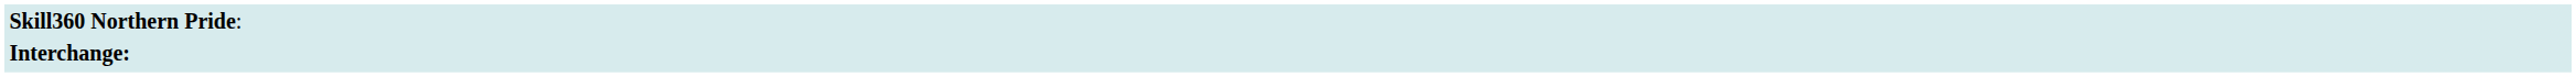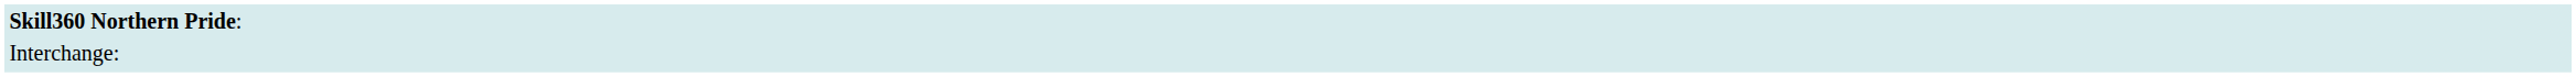 <table style="background:#d7ebed; font-size:85%; width:100%;">
 <tr>
 <td><strong>Skill360 Northern Pride</strong>:            </td>
 </tr>
 <tr>
-<td><strong>Interchange:    </strong></td>
+<td>Interchange:    </td>
 </tr>
 </table>
